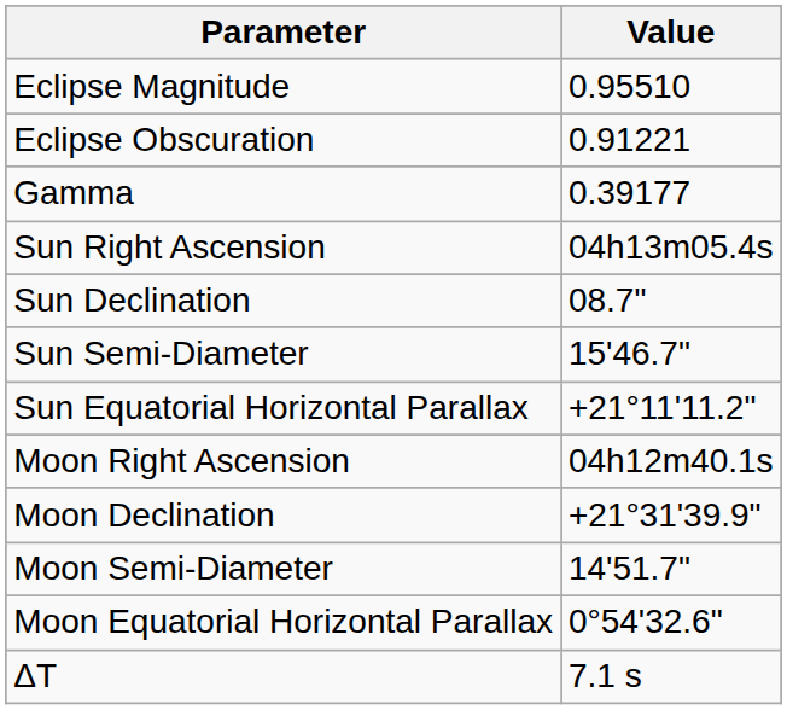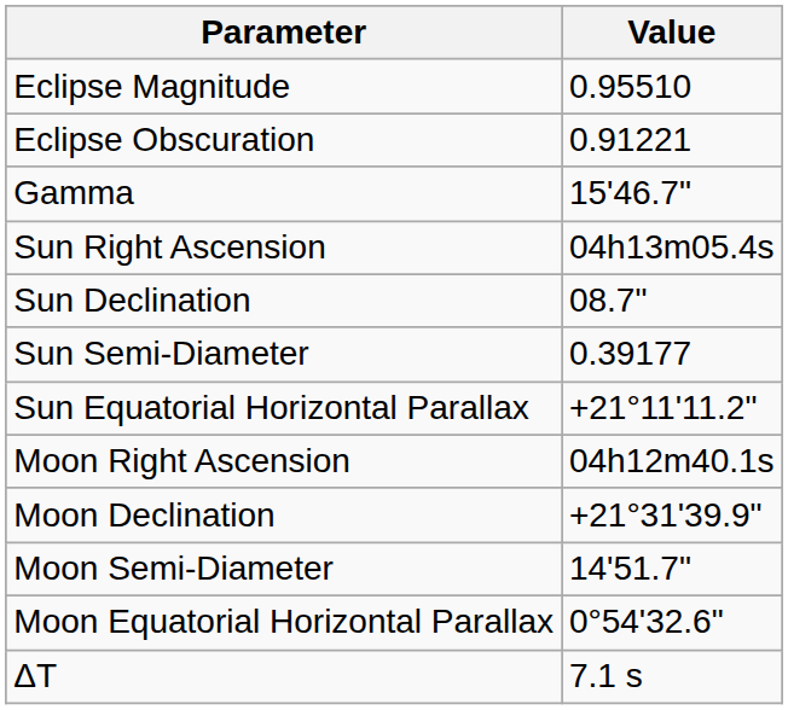 <table class="wikitable">
 <tr>
 <th>Parameter</th>
 <th>Value</th>
 </tr>
 <tr>
 <td>Eclipse Magnitude</td>
 <td>0.95510</td>
 </tr>
 <tr>
 <td>Eclipse Obscuration</td>
 <td>0.91221</td>
 </tr>
 <tr>
 <td>Gamma</td>
-<td>0.39177</td>
+<td>15'46.7"</td>
 </tr>
 <tr>
 <td>Sun Right Ascension</td>
 <td>04h13m05.4s</td>
 </tr>
 <tr>
 <td>Sun Declination</td>
 <td>08.7"</td>
 </tr>
 <tr>
 <td>Sun Semi-Diameter</td>
-<td>15'46.7"</td>
+<td>0.39177</td>
 </tr>
 <tr>
 <td>Sun Equatorial Horizontal Parallax</td>
 <td>+21°11'11.2"</td>
 </tr>
 <tr>
 <td>Moon Right Ascension</td>
 <td>04h12m40.1s</td>
 </tr>
 <tr>
 <td>Moon Declination</td>
 <td>+21°31'39.9"</td>
 </tr>
 <tr>
 <td>Moon Semi-Diameter</td>
 <td>14'51.7"</td>
 </tr>
 <tr>
 <td>Moon Equatorial Horizontal Parallax</td>
 <td>0°54'32.6"</td>
 </tr>
 <tr>
 <td>ΔT</td>
 <td>7.1 s</td>
 </tr>
 </table>
